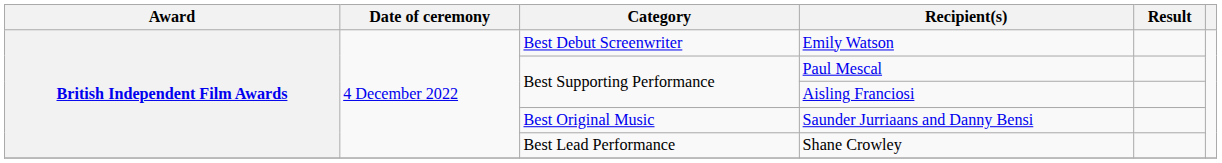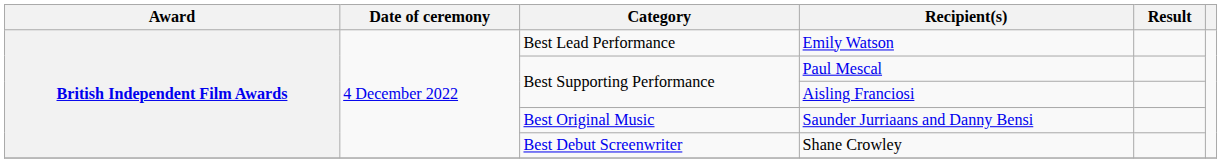 <table class="wikitable sortable plainrowheaders" style="width: 95%;">
 <tr>
 <th scope="col">Award</th>
 <th scope="col">Date of ceremony</th>
 <th scope="col">Category</th>
 <th scope="col">Recipient(s)</th>
 <th scope="col">Result</th>
 <th scope="col" class="unsortable"></th>
 </tr>
 <tr>
 <th rowspan="5" scope="row"><a href='#'>British Independent Film Awards</a></th>
 <td rowspan="5"><a href='#'>4 December 2022</a></td>
-<td><a href='#'>Best Debut Screenwriter</a></td>
+<td>Best Lead Performance</td>
 <td><a href='#'>Emily Watson</a></td>
 <td></td>
 <td rowspan="5"></td>
 </tr>
 <tr>
 <td rowspan="2">Best Supporting Performance</td>
 <td><a href='#'>Paul Mescal</a></td>
 <td></td>
 </tr>
 <tr>
 <td><a href='#'>Aisling Franciosi</a></td>
 <td></td>
 </tr>
 <tr>
 <td><a href='#'>Best Original Music</a></td>
 <td><a href='#'>Saunder Jurriaans and Danny Bensi</a></td>
 <td></td>
 </tr>
 <tr>
-<td>Best Lead Performance</td>
+<td><a href='#'>Best Debut Screenwriter</a></td>
 <td>Shane Crowley</td>
 <td></td>
 </tr>
 <tr>
 </tr>
 </table>
